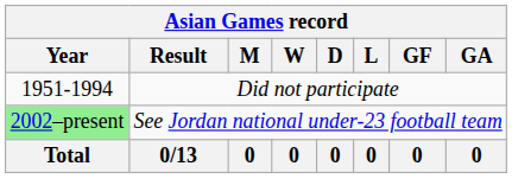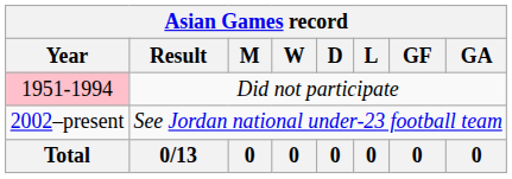 <table class="wikitable" style="text-align: center;">
 <tr>
 <th colspan=9><a href='#'>Asian Games</a> record</th>
 </tr>
 <tr>
 <th>Year</th>
 <th>Result</th>
 <th>M</th>
 <th>W</th>
 <th>D</th>
 <th>L</th>
 <th>GF</th>
 <th>GA</th>
 </tr>
 <tr>
-<td>1951-1994</td>
+<td style="background: pink;">1951-1994</td>
 <td colspan=8><em>Did not participate</em></td>
 </tr>
 <tr>
-<td style="background: lightgreen;"><a href='#'>2002</a>–present</td>
+<td><a href='#'>2002</a>–present</td>
 <td colspan=8><em>See <a href='#'>Jordan national under-23 football team</a></em></td>
 </tr>
 <tr>
 <th>Total</th>
 <th>0/13</th>
 <th>0</th>
 <th>0</th>
 <th>0</th>
 <th>0</th>
 <th>0</th>
 <th>0</th>
 </tr>
 </table>
